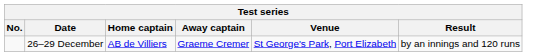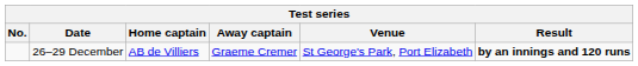 <table class="wikitable">
 <tr>
 <th colspan="6">Test series</th>
 </tr>
 <tr>
 <th>No.</th>
 <th>Date</th>
 <th>Home captain</th>
 <th>Away captain</th>
 <th>Venue</th>
 <th>Result</th>
 </tr>
 <tr>
 <td></td>
 <td>26–29 December</td>
 <td><a href='#'>AB de Villiers</a></td>
 <td><a href='#'>Graeme Cremer</a></td>
 <td><a href='#'>St George's Park</a>, <a href='#'>Port Elizabeth</a></td>
-<td> by an innings and 120 runs</td>
+<td><strong> by an innings and 120 runs</strong></td>
 </tr>
 </table>
